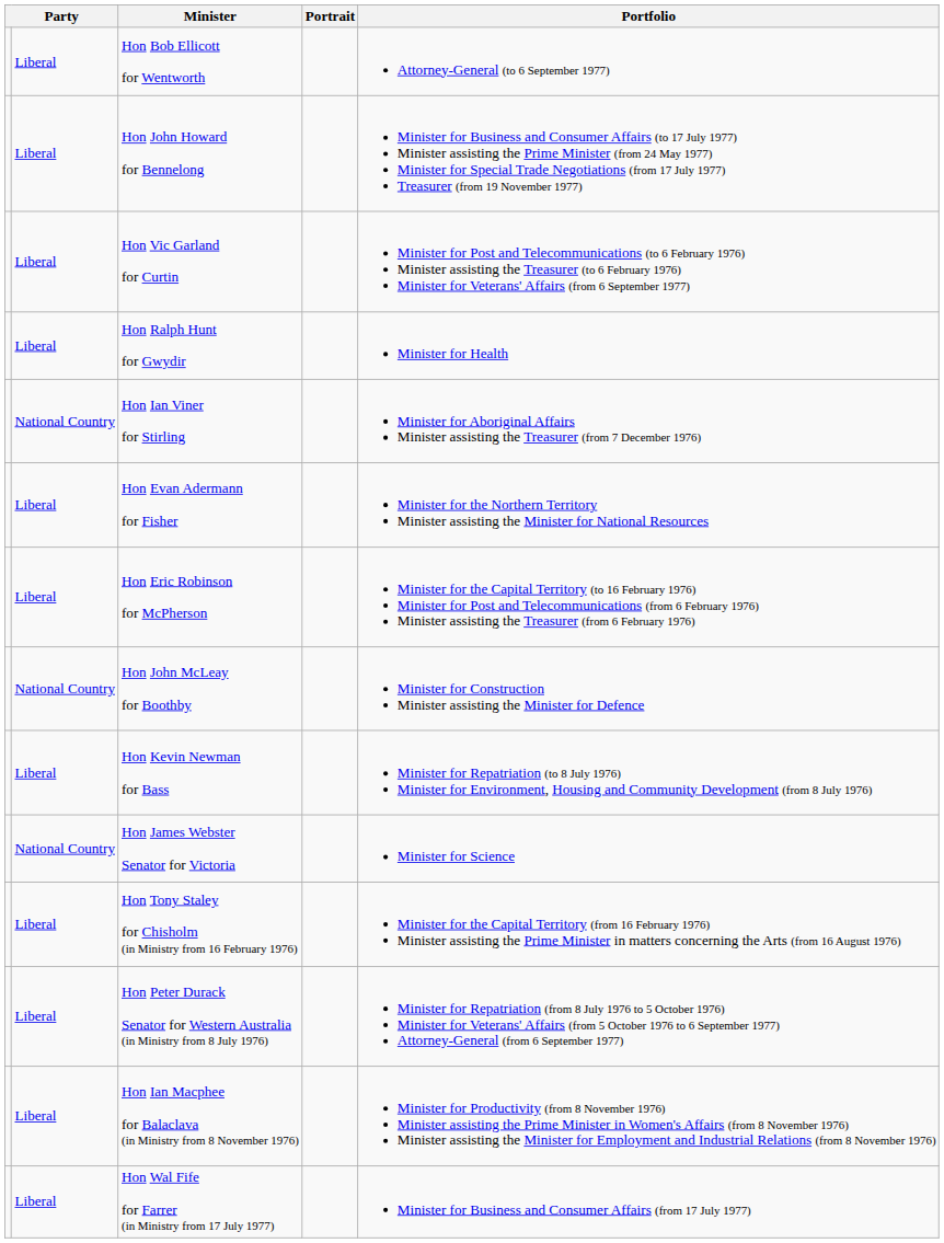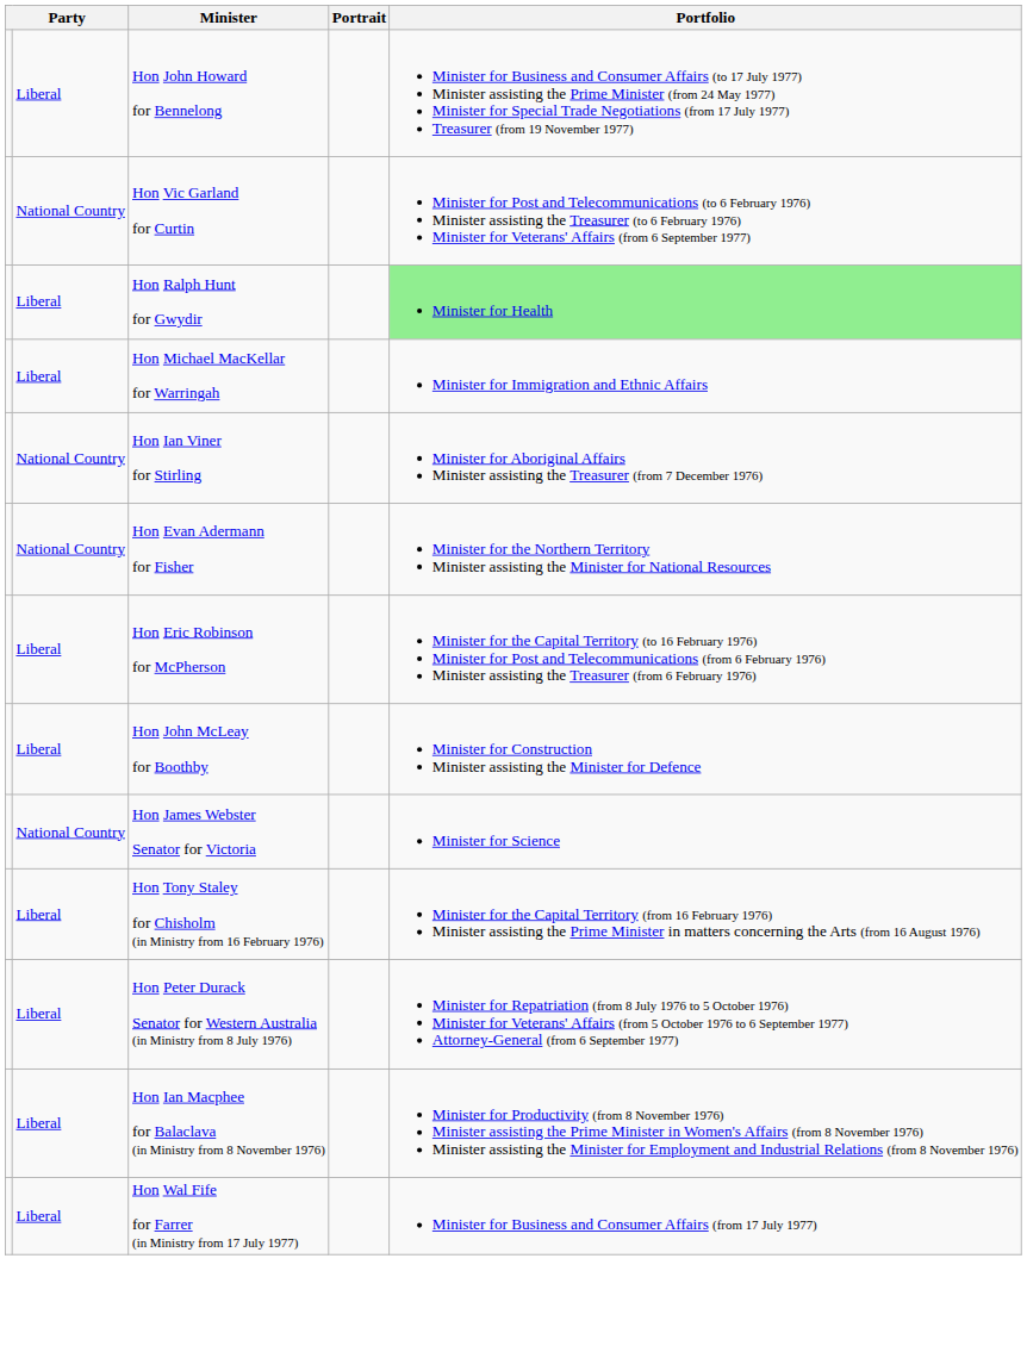 <table class="wikitable sortable">
 <tr>
 <th colspan="2">Party</th>
 <th>Minister</th>
 <th>Portrait</th>
 <th>Portfolio</th>
 </tr>
 <tr>
 <td></td>
 <td><a href='#'>Liberal</a></td>
-<td><a href='#'>Hon</a> <a href='#'>Bob Ellicott</a>  <br><br> for <a href='#'>Wentworth</a> <br></td>
-<td></td>
-<td><br><ul><li><a href='#'>Attorney-General</a> <small>(to 6 September 1977)</small></li></ul></td>
-</tr>
-<tr>
-<td></td>
-<td><a href='#'>Liberal</a></td>
 <td><a href='#'>Hon</a> <a href='#'>John Howard</a> <br><br> for <a href='#'>Bennelong</a> <br></td>
 <td></td>
 <td><br><ul><li><a href='#'>Minister for Business and Consumer Affairs</a> <small>(to 17 July 1977)</small></li><li>Minister assisting the <a href='#'>Prime Minister</a> <small>(from 24 May 1977)</small></li><li><a href='#'>Minister for Special Trade Negotiations</a> <small>(from 17 July 1977)</small></li><li><a href='#'>Treasurer</a> <small>(from 19 November 1977)</small></li></ul></td>
 </tr>
 <tr>
 <td></td>
-<td><a href='#'>Liberal</a></td>
+<td><a href='#'>National Country</a></td>
 <td><a href='#'>Hon</a> <a href='#'>Vic Garland</a> <br><br> for <a href='#'>Curtin</a> <br></td>
 <td></td>
 <td><br><ul><li><a href='#'>Minister for Post and Telecommunications</a> <small>(to 6 February 1976)</small></li><li>Minister assisting the <a href='#'>Treasurer</a> <small>(to 6 February 1976)</small></li><li><a href='#'>Minister for Veterans' Affairs</a> <small>(from 6 September 1977)</small></li></ul></td>
 </tr>
 <tr>
 <td></td>
 <td><a href='#'>Liberal</a></td>
 <td><a href='#'>Hon</a> <a href='#'>Ralph Hunt</a> <br><br> for <a href='#'>Gwydir</a> <br></td>
 <td></td>
-<td><br><ul><li><a href='#'>Minister for Health</a></li></ul></td>
+<td style="background: lightgreen;"><br><ul><li><a href='#'>Minister for Health</a></li></ul></td>
+</tr>
+<tr>
+<td></td>
+<td><a href='#'>Liberal</a></td>
+<td><a href='#'>Hon</a> <a href='#'>Michael MacKellar</a> <br><br> for <a href='#'>Warringah</a> <br></td>
+<td></td>
+<td><br><ul><li><a href='#'>Minister for Immigration and Ethnic Affairs</a></li></ul></td>
 </tr>
 <tr>
 <td></td>
 <td><a href='#'>National Country</a></td>
 <td><a href='#'>Hon</a> <a href='#'>Ian Viner</a> <br><br> for <a href='#'>Stirling</a> <br></td>
 <td></td>
 <td><br><ul><li><a href='#'>Minister for Aboriginal Affairs</a></li><li>Minister assisting the <a href='#'>Treasurer</a> <small>(from 7 December 1976)</small></li></ul></td>
 </tr>
 <tr>
 <td></td>
-<td><a href='#'>Liberal</a></td>
+<td><a href='#'>National Country</a></td>
 <td><a href='#'>Hon</a> <a href='#'>Evan Adermann</a> <br><br> for <a href='#'>Fisher</a> <br></td>
 <td></td>
 <td><br><ul><li><a href='#'>Minister for the Northern Territory</a></li><li>Minister assisting the <a href='#'>Minister for National Resources</a></li></ul></td>
 </tr>
 <tr>
 <td></td>
 <td><a href='#'>Liberal</a></td>
 <td><a href='#'>Hon</a> <a href='#'>Eric Robinson</a> <br><br> for <a href='#'>McPherson</a> <br></td>
 <td></td>
 <td><br><ul><li><a href='#'>Minister for the Capital Territory</a> <small>(to 16 February 1976)</small></li><li><a href='#'>Minister for Post and Telecommunications</a> <small>(from 6 February 1976)</small></li><li>Minister assisting the <a href='#'>Treasurer</a> <small>(from 6 February 1976)</small></li></ul></td>
 </tr>
 <tr>
 <td></td>
-<td><a href='#'>National Country</a></td>
+<td><a href='#'>Liberal</a></td>
 <td><a href='#'>Hon</a> <a href='#'>John McLeay</a> <br><br> for <a href='#'>Boothby</a> <br></td>
 <td></td>
 <td><br><ul><li><a href='#'>Minister for Construction</a></li><li>Minister assisting the <a href='#'>Minister for Defence</a></li></ul></td>
-</tr>
-<tr>
-<td></td>
-<td><a href='#'>Liberal</a></td>
-<td><a href='#'>Hon</a> <a href='#'>Kevin Newman</a> <br><br> for <a href='#'>Bass</a> <br></td>
-<td></td>
-<td><br><ul><li><a href='#'>Minister for Repatriation</a> <small>(to 8 July 1976)</small></li><li><a href='#'>Minister for Environment</a>, <a href='#'>Housing and Community Development</a> <small>(from 8 July 1976)</small></li></ul></td>
 </tr>
 <tr>
 <td></td>
 <td><a href='#'>National Country</a></td>
 <td><a href='#'>Hon</a> <a href='#'>James Webster</a> <br><br><a href='#'>Senator</a> for <a href='#'>Victoria</a> <br></td>
 <td></td>
 <td><br><ul><li><a href='#'>Minister for Science</a></li></ul></td>
 </tr>
 <tr>
 <td></td>
 <td><a href='#'>Liberal</a></td>
 <td><a href='#'>Hon</a> <a href='#'>Tony Staley</a> <br><br> for <a href='#'>Chisholm</a> <br> <small>(in Ministry from 16 February 1976)</small></td>
 <td></td>
 <td><br><ul><li><a href='#'>Minister for the Capital Territory</a> <small>(from 16 February 1976)</small></li><li>Minister assisting the <a href='#'>Prime Minister</a> in matters concerning the Arts <small>(from 16 August 1976)</small></li></ul></td>
 </tr>
 <tr>
 <td></td>
 <td><a href='#'>Liberal</a></td>
 <td><a href='#'>Hon</a> <a href='#'>Peter Durack</a>  <br><br><a href='#'>Senator</a> for <a href='#'>Western Australia</a> <br> <small>(in Ministry from 8 July 1976)</small></td>
 <td></td>
 <td><br><ul><li><a href='#'>Minister for Repatriation</a> <small>(from 8 July 1976 to 5 October 1976)</small></li><li><a href='#'>Minister for Veterans' Affairs</a> <small>(from 5 October 1976 to 6 September 1977)</small></li><li><a href='#'>Attorney-General</a> <small>(from 6 September 1977)</small></li></ul></td>
 </tr>
 <tr>
 <td></td>
 <td><a href='#'>Liberal</a></td>
 <td><a href='#'>Hon</a> <a href='#'>Ian Macphee</a> <br><br> for <a href='#'>Balaclava</a> <br> <small>(in Ministry from 8 November 1976)</small></td>
 <td></td>
 <td><br><ul><li><a href='#'>Minister for Productivity</a> <small>(from 8 November 1976)</small></li><li><a href='#'>Minister assisting the Prime Minister in Women's Affairs</a> <small>(from 8 November 1976)</small></li><li>Minister assisting the <a href='#'>Minister for Employment and Industrial Relations</a> <small>(from 8 November 1976)</small></li></ul></td>
 </tr>
 <tr>
 <td></td>
 <td><a href='#'>Liberal</a></td>
 <td><a href='#'>Hon</a> <a href='#'>Wal Fife</a> <br><br> for <a href='#'>Farrer</a> <br> <small>(in Ministry from 17 July 1977)</small></td>
 <td></td>
 <td><br><ul><li><a href='#'>Minister for Business and Consumer Affairs</a> <small>(from 17 July 1977)</small></li></ul></td>
 </tr>
 </table>
